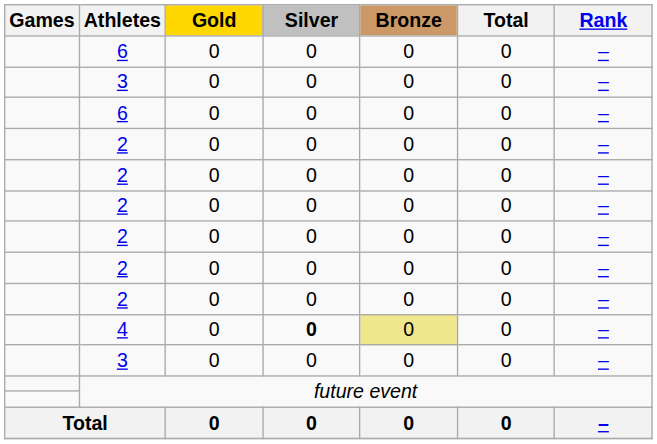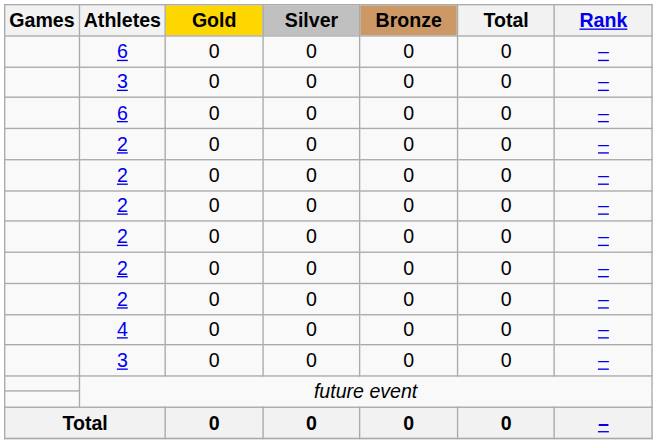 <table class="wikitable" style="text-align:center; font-size:90%;">
 <tr>
 <th>Games</th>
 <th>Athletes</th>
 <td style="background:gold; width:4.5em; font-weight:bold;">Gold</td>
 <td style="background:silver; width:4.5em; font-weight:bold;">Silver</td>
 <td style="background:#cc9966; width:4.5em; font-weight:bold;">Bronze</td>
 <th style="width:4.5em; font-weight:bold;">Total</th>
 <th style="width:4.5em; font-weight:bold;"><a href='#'>Rank</a></th>
 </tr>
 <tr>
 <td align=left></td>
 <td><a href='#'>6</a></td>
 <td>0</td>
 <td>0</td>
 <td>0</td>
 <td>0</td>
 <td><a href='#'>–</a></td>
 </tr>
 <tr>
 <td align=left></td>
 <td><a href='#'>3</a></td>
 <td>0</td>
 <td>0</td>
 <td>0</td>
 <td>0</td>
 <td><a href='#'>–</a></td>
 </tr>
 <tr>
 <td align=left></td>
 <td><a href='#'>6</a></td>
 <td>0</td>
 <td>0</td>
 <td>0</td>
 <td>0</td>
 <td><a href='#'>–</a></td>
 </tr>
 <tr>
 <td align=left></td>
 <td><a href='#'>2</a></td>
 <td>0</td>
 <td>0</td>
 <td>0</td>
 <td>0</td>
 <td><a href='#'>–</a></td>
 </tr>
 <tr>
 <td align=left></td>
 <td><a href='#'>2</a></td>
 <td>0</td>
 <td>0</td>
 <td>0</td>
 <td>0</td>
 <td><a href='#'>–</a></td>
 </tr>
 <tr>
 <td align=left></td>
 <td><a href='#'>2</a></td>
 <td>0</td>
 <td>0</td>
 <td>0</td>
 <td>0</td>
 <td><a href='#'>–</a></td>
 </tr>
 <tr>
 <td align=left></td>
 <td><a href='#'>2</a></td>
 <td>0</td>
 <td>0</td>
 <td>0</td>
 <td>0</td>
 <td><a href='#'>–</a></td>
 </tr>
 <tr>
 <td align=left></td>
 <td><a href='#'>2</a></td>
 <td>0</td>
 <td>0</td>
 <td>0</td>
 <td>0</td>
 <td><a href='#'>–</a></td>
 </tr>
 <tr>
 <td align=left></td>
 <td><a href='#'>2</a></td>
 <td>0</td>
 <td>0</td>
 <td>0</td>
 <td>0</td>
 <td><a href='#'>–</a></td>
 </tr>
 <tr>
 <td align=left></td>
 <td><a href='#'>4</a></td>
 <td>0</td>
-<td><strong>0</strong></td>
-<td style="background: khaki;">0</td>
+<td>0</td>
+<td>0</td>
 <td>0</td>
 <td><a href='#'>–</a></td>
 </tr>
 <tr>
 <td align=left></td>
 <td><a href='#'>3</a></td>
 <td>0</td>
 <td>0</td>
 <td>0</td>
 <td>0</td>
 <td><a href='#'>–</a></td>
 </tr>
 <tr>
 <td align=left></td>
 <td colspan=6; rowspan=2><em>future event</em></td>
 </tr>
 <tr>
 <td align=left></td>
 </tr>
 <tr>
 <th colspan=2>Total</th>
 <th>0</th>
 <th>0</th>
 <th>0</th>
 <th>0</th>
 <th><a href='#'>–</a></th>
 </tr>
 <tr>
 </tr>
 </table>
